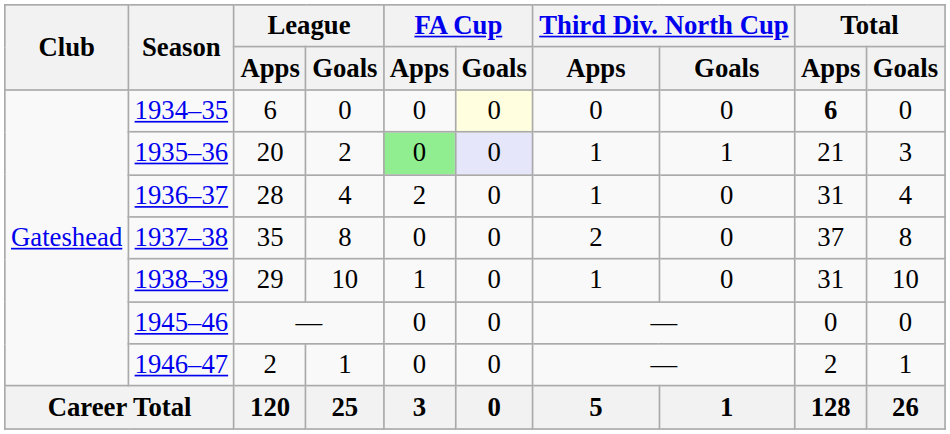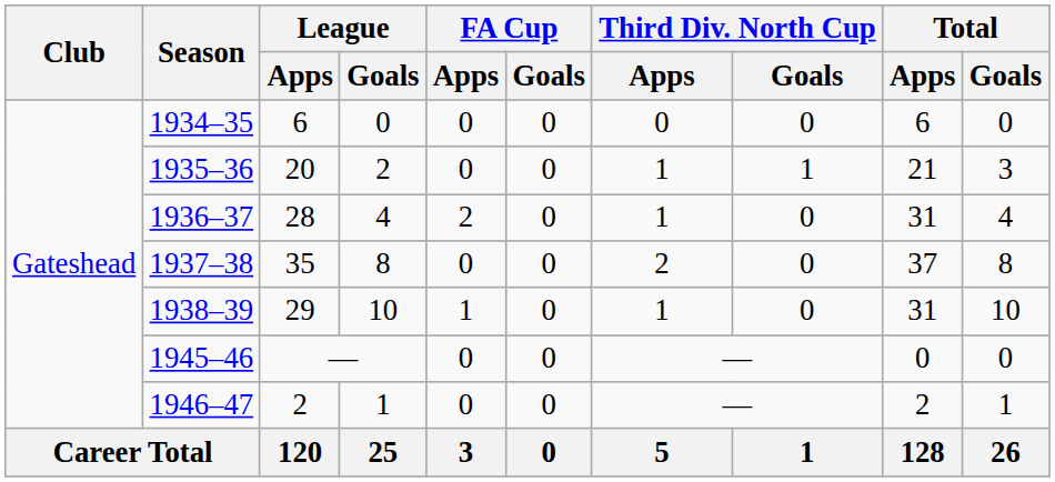 <table class="wikitable" style="text-align: center;">
 <tr>
 <th rowspan="2">Club</th>
 <th rowspan="2">Season</th>
 <th colspan="2">League</th>
 <th colspan="2"><a href='#'>FA Cup</a></th>
 <th colspan="2"><a href='#'>Third Div. North Cup</a></th>
 <th colspan="2">Total</th>
 </tr>
 <tr>
 <th>Apps</th>
 <th>Goals</th>
 <th>Apps</th>
 <th>Goals</th>
 <th>Apps</th>
 <th>Goals</th>
 <th>Apps</th>
 <th>Goals</th>
 </tr>
 <tr>
 <td rowspan="7"><a href='#'>Gateshead</a></td>
 <td><a href='#'>1934–35</a></td>
 <td>6</td>
 <td>0</td>
 <td>0</td>
-<td style="background: lightyellow;">0</td>
 <td>0</td>
 <td>0</td>
-<td><strong>6</strong></td>
+<td>0</td>
+<td>6</td>
 <td>0</td>
 </tr>
 <tr>
 <td><a href='#'>1935–36</a></td>
 <td>20</td>
 <td>2</td>
-<td style="background: lightgreen;">0</td>
-<td style="background: lavender;">0</td>
+<td>0</td>
+<td>0</td>
 <td>1</td>
 <td>1</td>
 <td>21</td>
 <td>3</td>
 </tr>
 <tr>
 <td><a href='#'>1936–37</a></td>
 <td>28</td>
 <td>4</td>
 <td>2</td>
 <td>0</td>
 <td>1</td>
 <td>0</td>
 <td>31</td>
 <td>4</td>
 </tr>
 <tr>
 <td><a href='#'>1937–38</a></td>
 <td>35</td>
 <td>8</td>
 <td>0</td>
 <td>0</td>
 <td>2</td>
 <td>0</td>
 <td>37</td>
 <td>8</td>
 </tr>
 <tr>
 <td><a href='#'>1938–39</a></td>
 <td>29</td>
 <td>10</td>
 <td>1</td>
 <td>0</td>
 <td>1</td>
 <td>0</td>
 <td>31</td>
 <td>10</td>
 </tr>
 <tr>
 <td><a href='#'>1945–46</a></td>
 <td colspan=2>—</td>
 <td>0</td>
 <td>0</td>
 <td colspan=2>—</td>
 <td>0</td>
 <td>0</td>
 </tr>
 <tr>
 <td><a href='#'>1946–47</a></td>
 <td>2</td>
 <td>1</td>
 <td>0</td>
 <td>0</td>
 <td colspan=2>—</td>
 <td>2</td>
 <td>1</td>
 </tr>
 <tr>
 <th colspan="2">Career Total</th>
 <th>120</th>
 <th>25</th>
 <th>3</th>
 <th>0</th>
 <th>5</th>
 <th>1</th>
 <th>128</th>
 <th>26</th>
 </tr>
 </table>
